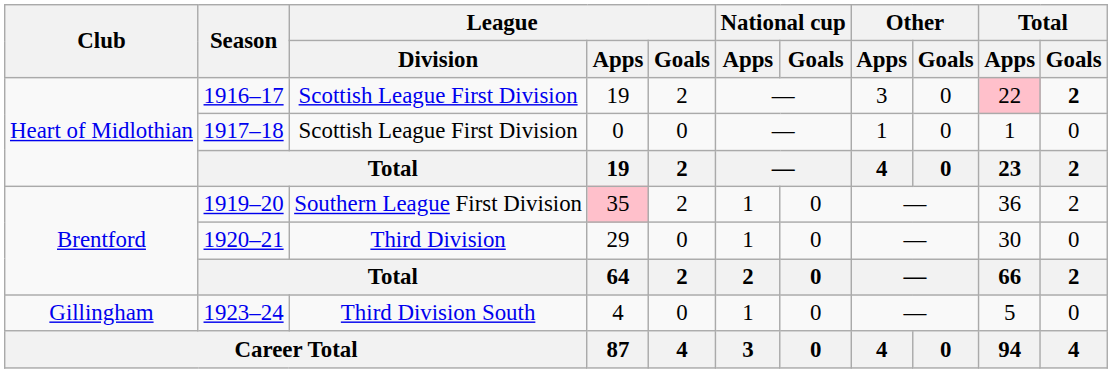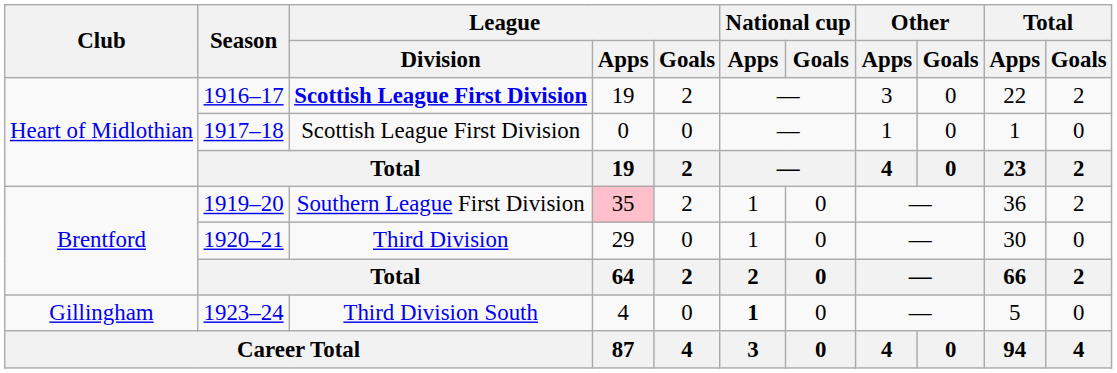 <table class="wikitable" style="text-align: center;">
 <tr>
 <th rowspan="2">Club</th>
 <th rowspan="2">Season</th>
 <th colspan="3">League</th>
 <th colspan="2">National cup</th>
 <th colspan="2">Other</th>
 <th colspan="2">Total</th>
 </tr>
 <tr>
 <th>Division</th>
 <th>Apps</th>
 <th>Goals</th>
 <th>Apps</th>
 <th>Goals</th>
 <th>Apps</th>
 <th>Goals</th>
 <th>Apps</th>
 <th>Goals</th>
 </tr>
 <tr>
 <td rowspan="3"><a href='#'>Heart of Midlothian</a></td>
 <td><a href='#'>1916–17</a></td>
-<td><a href='#'>Scottish League First Division</a></td>
+<td><strong><a href='#'>Scottish League First Division</a></strong></td>
 <td>19</td>
 <td>2</td>
 <td colspan="2">—</td>
 <td>3</td>
 <td>0</td>
-<td style="background: pink;">22</td>
-<td><strong>2</strong></td>
+<td>22</td>
+<td>2</td>
 </tr>
 <tr>
 <td><a href='#'>1917–18</a></td>
 <td>Scottish League First Division</td>
 <td>0</td>
 <td>0</td>
 <td colspan="2">—</td>
 <td>1</td>
 <td>0</td>
 <td>1</td>
 <td>0</td>
 </tr>
 <tr>
 <th colspan="2">Total</th>
 <th>19</th>
 <th>2</th>
 <th colspan="2">—</th>
 <th>4</th>
 <th>0</th>
 <th>23</th>
 <th>2</th>
 </tr>
 <tr>
 <td rowspan="3"><a href='#'>Brentford</a></td>
 <td><a href='#'>1919–20</a></td>
 <td><a href='#'>Southern League</a> First Division</td>
 <td style="background: pink;">35</td>
 <td>2</td>
 <td>1</td>
 <td>0</td>
 <td colspan="2">—</td>
 <td>36</td>
 <td>2</td>
 </tr>
 <tr>
 <td><a href='#'>1920–21</a></td>
 <td><a href='#'>Third Division</a></td>
 <td>29</td>
 <td>0</td>
 <td>1</td>
 <td>0</td>
 <td colspan="2">—</td>
 <td>30</td>
 <td>0</td>
 </tr>
 <tr>
 <th colspan="2">Total</th>
 <th>64</th>
 <th>2</th>
 <th>2</th>
 <th>0</th>
 <th colspan="2">—</th>
 <th>66</th>
 <th>2</th>
 </tr>
 <tr>
 <td><a href='#'>Gillingham</a></td>
 <td><a href='#'>1923–24</a></td>
 <td><a href='#'>Third Division South</a></td>
 <td>4</td>
 <td>0</td>
-<td>1</td>
+<td><strong>1</strong></td>
 <td>0</td>
 <td colspan="2">—</td>
 <td>5</td>
 <td>0</td>
 </tr>
 <tr>
 <th colspan="3">Career Total</th>
 <th>87</th>
 <th>4</th>
 <th>3</th>
 <th>0</th>
 <th>4</th>
 <th>0</th>
 <th>94</th>
 <th>4</th>
 </tr>
 </table>
